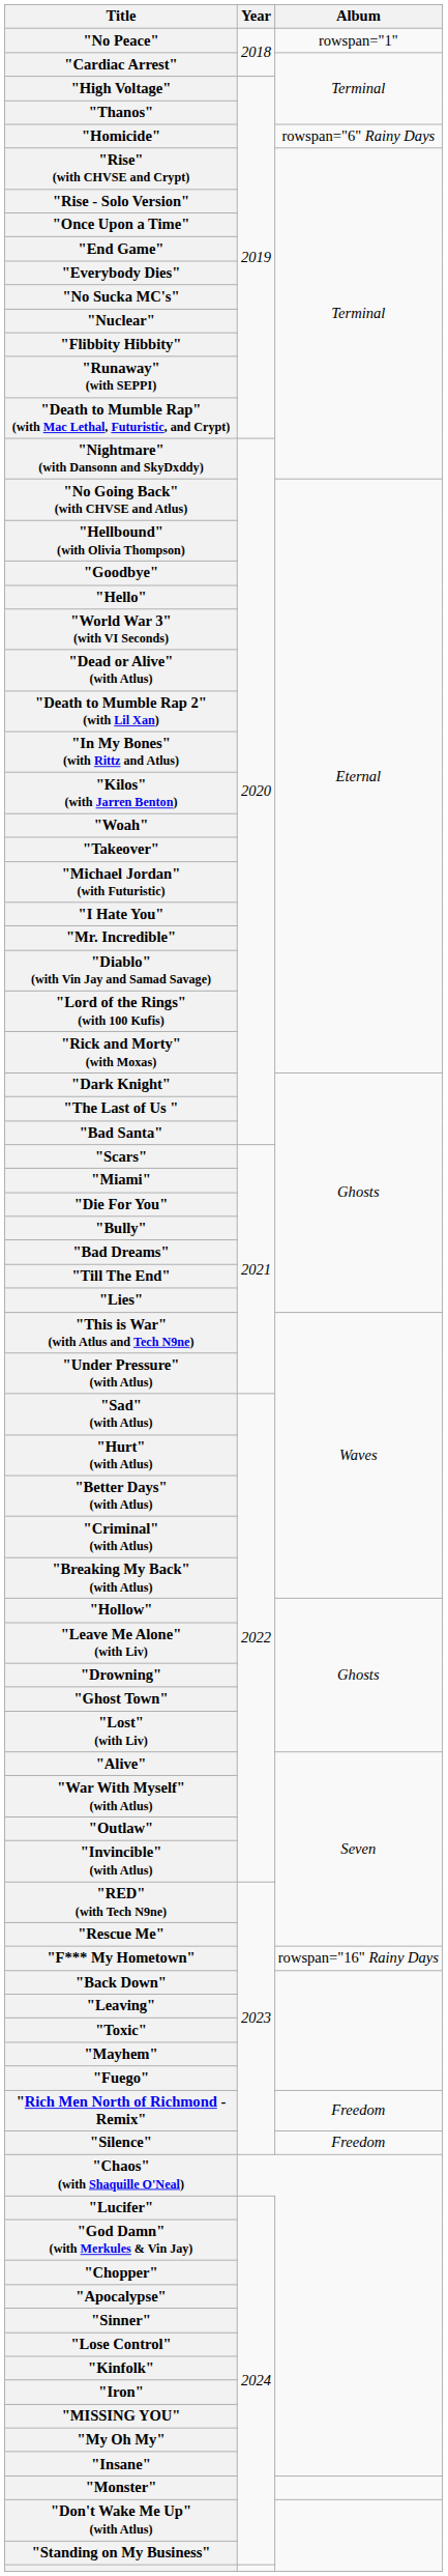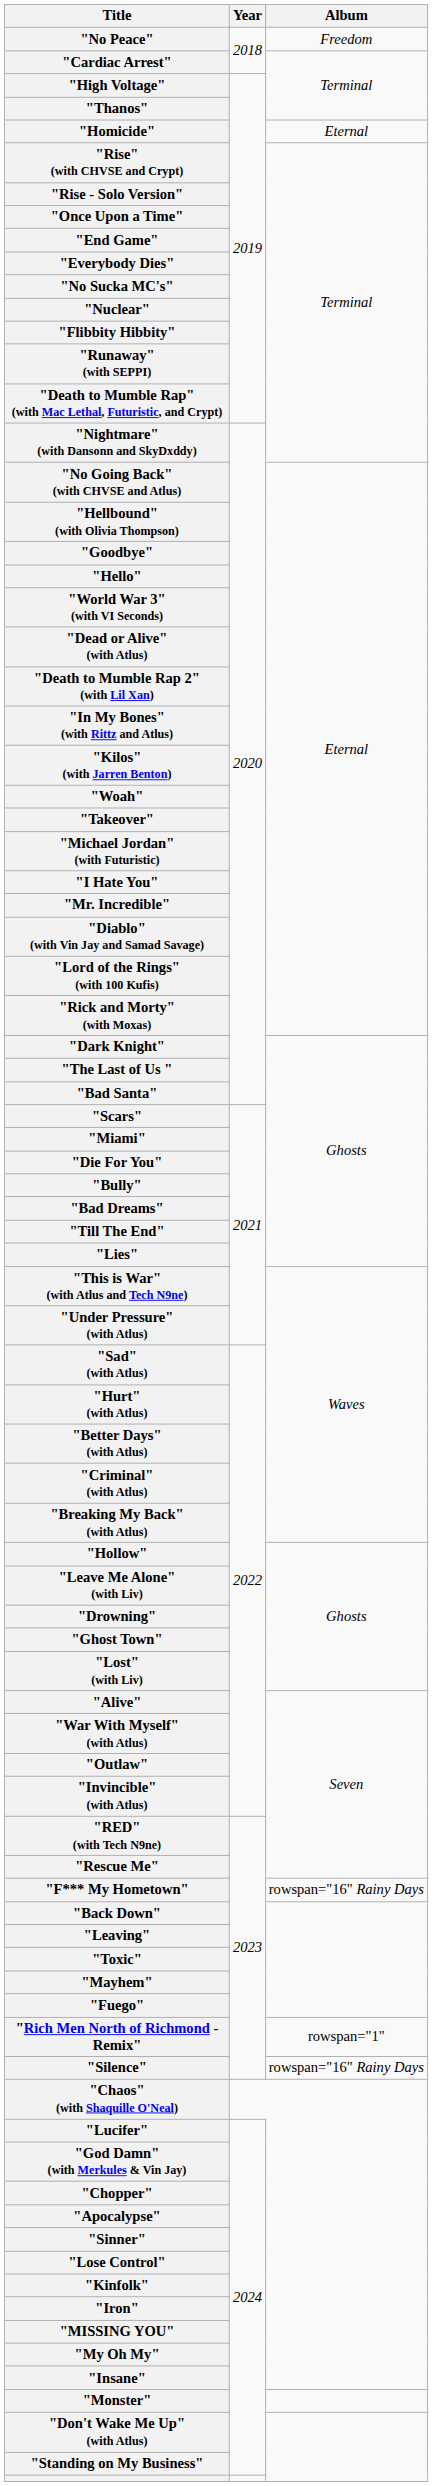 <table class="wikitable plainrowheaders" style="text-align:center;">
 <tr>
 <th scope="col" style="width:15em;">Title</th>
 <th scope="col">Year</th>
 <th scope="col">Album</th>
 </tr>
 <tr>
 <th scope="row">"No Peace"</th>
 <td rowspan="2"><em>2018</em></td>
-<td>rowspan="1" </td>
+<td rowspan="1"><em>Freedom</em></td>
 </tr>
 <tr>
 <th scope="row">"Cardiac Arrest"<br></th>
 <td rowspan="3"><em>Terminal</em></td>
 </tr>
 <tr>
 <th scope="row">"High Voltage"</th>
 <td rowspan="13"><em>2019</em></td>
 </tr>
 <tr>
 <th scope="row">"Thanos"</th>
 </tr>
 <tr>
 <th scope="row">"Homicide"</th>
-<td>rowspan="6" <em>Rainy Days</em></td>
+<td rowspan="1"><em>Eternal</em></td>
 </tr>
 <tr>
 <th scope="row">"Rise"<br><small>(with CHVSE and Crypt)</small></th>
 <td rowspan="11"><em>Terminal</em></td>
 </tr>
 <tr>
 <th scope="row">"Rise - Solo Version"</th>
 </tr>
 <tr>
 <th scope="row">"Once Upon a Time"</th>
 </tr>
 <tr>
 <th scope="row">"End Game"</th>
 </tr>
 <tr>
 <th scope="row">"Everybody Dies"</th>
 </tr>
 <tr>
 <th scope="row">"No Sucka MC's"</th>
 </tr>
 <tr>
 <th scope="row">"Nuclear"</th>
 </tr>
 <tr>
 <th scope="row">"Flibbity Hibbity"</th>
 </tr>
 <tr>
 <th scope="row">"Runaway"<br><small>(with SEPPI)</small></th>
 </tr>
 <tr>
 <th scope="row">"Death to Mumble Rap"<br><small>(with <a href='#'>Mac Lethal</a>, <a href='#'>Futuristic</a>, and Crypt)</small></th>
 </tr>
 <tr>
 <th scope="row">"Nightmare"<br><small>(with Dansonn and SkyDxddy)</small></th>
 <td rowspan="21"><em>2020</em></td>
 </tr>
 <tr>
 <th scope="row">"No Going Back"<br><small>(with CHVSE and Atlus)</small></th>
 <td rowspan="17"><em>Eternal</em></td>
 </tr>
 <tr>
 <th scope="row">"Hellbound"<br><small>(with Olivia Thompson)</small></th>
 </tr>
 <tr>
 <th scope="row">"Goodbye"</th>
 </tr>
 <tr>
 <th scope="row">"Hello"</th>
 </tr>
 <tr>
 <th scope="row">"World War 3"<br><small>(with VI Seconds)</small></th>
 </tr>
 <tr>
 <th scope="row">"Dead or Alive"<br><small>(with Atlus)</small></th>
 </tr>
 <tr>
 <th scope="row">"Death to Mumble Rap 2"<br><small>(with <a href='#'>Lil Xan</a>)</small></th>
 </tr>
 <tr>
 <th scope="row">"In My Bones"<br><small>(with <a href='#'>Rittz</a> and Atlus)</small></th>
 </tr>
 <tr>
 <th scope="row">"Kilos"<br><small>(with <a href='#'>Jarren Benton</a>)</small></th>
 </tr>
 <tr>
 <th scope="row">"Woah"</th>
 </tr>
 <tr>
 <th scope="row">"Takeover"</th>
 </tr>
 <tr>
 <th scope="row">"Michael Jordan"<br><small>(with Futuristic)</small></th>
 </tr>
 <tr>
 <th scope="row">"I Hate You"</th>
 </tr>
 <tr>
 <th scope="row">"Mr. Incredible"</th>
 </tr>
 <tr>
 <th scope="row">"Diablo"<br><small>(with Vin Jay and Samad Savage)</small></th>
 </tr>
 <tr>
 <th scope="row">"Lord of the Rings"<br><small>(with 100 Kufis)</small></th>
 </tr>
 <tr>
 <th scope="row">"Rick and Morty"<br><small>(with Moxas)</small></th>
 </tr>
 <tr>
 <th scope="row">"Dark Knight"</th>
 <td rowspan="10"><em>Ghosts</em></td>
 </tr>
 <tr>
 <th scope="row">"The Last of Us "</th>
 </tr>
 <tr>
 <th scope="row">"Bad Santa"</th>
 </tr>
 <tr>
 <th scope="row">"Scars"</th>
 <td rowspan="9"><em>2021</em></td>
 </tr>
 <tr>
 <th scope="row">"Miami"</th>
 </tr>
 <tr>
 <th scope="row">"Die For You"</th>
 </tr>
 <tr>
 <th scope="row">"Bully"</th>
 </tr>
 <tr>
 <th scope="row">"Bad Dreams"</th>
 </tr>
 <tr>
 <th scope="row">"Till The End"</th>
 </tr>
 <tr>
 <th scope="row">"Lies"</th>
 </tr>
 <tr>
 <th scope="row">"This is War"<br><small>(with Atlus and <a href='#'>Tech N9ne</a>)</small></th>
 <td rowspan="7"><em>Waves</em></td>
 </tr>
 <tr>
 <th scope="row">"Under Pressure"<br><small>(with Atlus)</small></th>
 </tr>
 <tr>
 <th scope="row">"Sad"<br><small>(with Atlus)</small></th>
 <td rowspan="14"><em>2022</em></td>
 </tr>
 <tr>
 <th scope="row">"Hurt"<br><small>(with Atlus)</small></th>
 </tr>
 <tr>
 <th scope="row">"Better Days"<br><small>(with Atlus)</small></th>
 </tr>
 <tr>
 <th scope="row">"Criminal"<br><small>(with Atlus)</small></th>
 </tr>
 <tr>
 <th scope="row">"Breaking My Back"<br><small>(with Atlus)</small></th>
 </tr>
 <tr>
 <th scope="row">"Hollow"</th>
 <td rowspan="5"><em>Ghosts</em></td>
 </tr>
 <tr>
 <th scope="row">"Leave Me Alone"<br><small>(with Liv)</small></th>
 </tr>
 <tr>
 <th scope="row">"Drowning"</th>
 </tr>
 <tr>
 <th scope="row">"Ghost Town"</th>
 </tr>
 <tr>
 <th scope="row">"Lost"<br><small>(with Liv)</small></th>
 </tr>
 <tr>
 <th scope="row">"Alive"</th>
 <td rowspan="6"><em>Seven</em></td>
 </tr>
 <tr>
 <th scope="row">"War With Myself"<br><small>(with Atlus)</small></th>
 </tr>
 <tr>
 <th scope="row">"Outlaw"</th>
 </tr>
 <tr>
 <th scope="row">"Invincible"<br><small>(with Atlus)</small></th>
 </tr>
 <tr>
 <th scope="row">"RED"<br><small>(with Tech N9ne)</small></th>
 <td rowspan="10"><em>2023</em></td>
 </tr>
 <tr>
 <th scope="row">"Rescue Me"</th>
 </tr>
 <tr>
 <th scope="row">"F*** My Hometown"</th>
 <td>rowspan="16" <em>Rainy Days</em></td>
 </tr>
 <tr>
 <th scope="row">"Back Down"</th>
 </tr>
 <tr>
 <th scope="row">"Leaving"</th>
 </tr>
 <tr>
 <th scope="row">"Toxic"</th>
 </tr>
 <tr>
 <th scope="row">"Mayhem"</th>
 </tr>
 <tr>
 <th scope="row">"Fuego"</th>
 </tr>
 <tr>
 <th scope="row">"<a href='#'>Rich Men North of Richmond</a> - Remix"</th>
-<td rowspan="1"><em>Freedom</em></td>
+<td>rowspan="1" </td>
 </tr>
 <tr>
 <th scope="row">"Silence"</th>
-<td rowspan="1"><em>Freedom</em></td>
+<td>rowspan="16" <em>Rainy Days</em></td>
 </tr>
 <tr>
 <th scope="row">"Chaos"<br><small>(with <a href='#'>Shaquille O'Neal</a>)</small></th>
 </tr>
 <tr>
 <th scope="row">"Lucifer"</th>
 <td rowspan="14"><em>2024</em></td>
 </tr>
 <tr>
 <th scope="row">"God Damn"<br><small>(with <a href='#'>Merkules</a> & Vin Jay)</small></th>
 </tr>
 <tr>
 <th scope="row">"Chopper"</th>
 </tr>
 <tr>
 <th scope="row">"Apocalypse"</th>
 </tr>
 <tr>
 <th scope="row">"Sinner"</th>
 </tr>
 <tr>
 <th scope="row">"Lose Control"</th>
 </tr>
 <tr>
 <th scope="row">"Kinfolk"</th>
 </tr>
 <tr>
 <th scope="row">"Iron"</th>
 </tr>
 <tr>
 <th scope="row">"MISSING YOU"</th>
 </tr>
 <tr>
 <th scope="row">"My Oh My"</th>
 </tr>
 <tr>
 <th scope="row">"Insane"</th>
 </tr>
 <tr>
 <th scope="row">"Monster"</th>
 <td></td>
 </tr>
 <tr>
 <th scope="row">"Don't Wake Me Up"<br><small>(with Atlus)</small></th>
 </tr>
 <tr>
 <th scope="row">"Standing on My Business"</th>
 </tr>
 <tr>
 <th></th>
 <td></td>
 </tr>
 </table>
